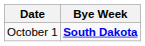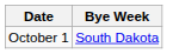 <table class="wikitable" style="font-size:95%;">
 <tr>
 <th>Date</th>
 <th colspan="4">Bye Week</th>
 </tr>
 <tr>
 <td>October 1</td>
-<td><strong><a href='#'>South Dakota</a></strong></td>
+<td><a href='#'>South Dakota</a></td>
 </tr>
 </table>
